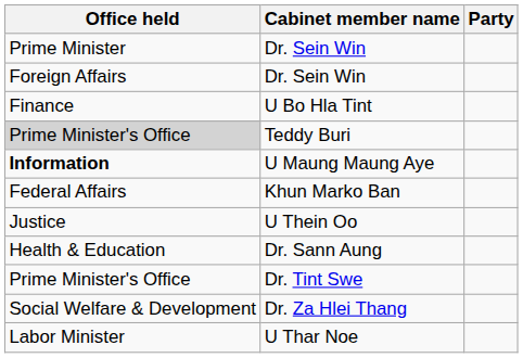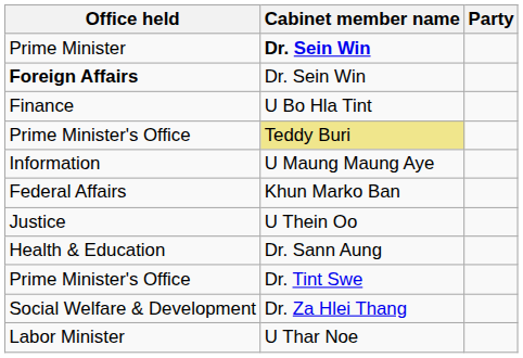 <table class="wikitable">
 <tr>
 <th>Office held</th>
 <th>Cabinet member name</th>
 <th colspan=2>Party</th>
 </tr>
 <tr>
 <td>Prime Minister</td>
-<td>Dr. <a href='#'>Sein Win</a></td>
+<td><strong>Dr. <a href='#'>Sein Win</a></strong></td>
 <td></td>
 </tr>
 <tr>
-<td>Foreign Affairs</td>
+<td><strong>Foreign Affairs</strong></td>
 <td>Dr. Sein Win</td>
 <td></td>
 </tr>
 <tr>
 <td>Finance</td>
 <td>U Bo Hla Tint</td>
 <td></td>
 </tr>
 <tr>
-<td style="background: lightgrey;">Prime Minister's Office</td>
-<td>Teddy Buri</td>
+<td>Prime Minister's Office</td>
+<td style="background: khaki;">Teddy Buri</td>
 <td></td>
 </tr>
 <tr>
-<td><strong>Information</strong></td>
+<td>Information</td>
 <td>U Maung Maung Aye</td>
 <td></td>
 </tr>
 <tr>
 <td>Federal Affairs</td>
 <td>Khun Marko Ban</td>
 <td></td>
 </tr>
 <tr>
 <td>Justice</td>
 <td>U Thein Oo</td>
 <td></td>
 </tr>
 <tr>
 <td>Health & Education</td>
 <td>Dr. Sann Aung</td>
 <td></td>
 </tr>
 <tr>
 <td>Prime Minister's Office</td>
 <td>Dr. <a href='#'>Tint Swe</a></td>
 <td></td>
 </tr>
 <tr>
 <td>Social Welfare & Development</td>
 <td>Dr. <a href='#'>Za Hlei Thang</a></td>
 <td></td>
 </tr>
 <tr>
 <td>Labor Minister</td>
 <td>U Thar Noe</td>
 <td></td>
 </tr>
 </table>
